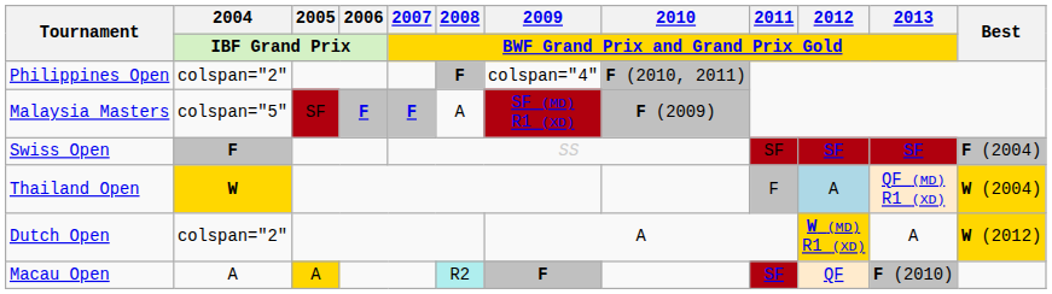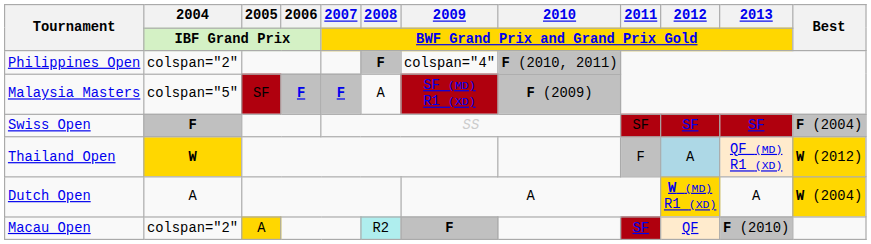 <table class="wikitable" style="font-size: 90%; text-align:center">
 <tr>
 <th rowspan="2">Tournament</th>
 <th>2004</th>
 <th>2005</th>
 <th>2006</th>
 <th><a href='#'>2007</a></th>
 <th><a href='#'>2008</a></th>
 <th><a href='#'>2009</a></th>
 <th><a href='#'>2010</a></th>
 <th><a href='#'>2011</a></th>
 <th><a href='#'>2012</a></th>
 <th><a href='#'>2013</a></th>
 <th rowspan="2">Best</th>
 </tr>
 <tr>
 <td colspan="3" align=center bgcolor=D4F1C5><strong>IBF Grand Prix</strong></td>
 <td colspan="7" align=center bgcolor=FFD700><strong><a href='#'>BWF Grand Prix and Grand Prix Gold</a></strong></td>
 </tr>
 <tr>
 <td align=left><a href='#'>Philippines Open</a></td>
 <td>colspan="2" </td>
 <td colspan="2"></td>
 <td></td>
 <td bgcolor=Silver><strong>F</strong></td>
 <td>colspan="4" </td>
 <td bgcolor=Silver><strong>F</strong> (2010, 2011)</td>
 </tr>
 <tr>
 <td align=left><a href='#'>Malaysia Masters</a></td>
 <td>colspan="5" </td>
 <td bgcolor=Bronze>SF</td>
 <td bgcolor=Silver><a href='#'><strong>F</strong></a></td>
 <td bgcolor=Silver><a href='#'><strong>F</strong></a></td>
 <td>A</td>
 <td bgcolor=Bronze><a href='#'>SF <small>(MD)</small></a><br> <a href='#'>R1 <small>(XD)</small></a></td>
 <td bgcolor=Silver><strong>F</strong> (2009)</td>
 </tr>
 <tr>
 <td align=left><a href='#'>Swiss Open</a></td>
 <td bgcolor=Silver><strong>F</strong></td>
 <td colspan="2"></td>
 <td colspan="4" style=color:#ccc><em>SS</em></td>
 <td bgcolor=Bronze>SF</td>
 <td bgcolor=Bronze><a href='#'>SF</a></td>
 <td bgcolor=Bronze><a href='#'>SF</a></td>
 <td bgcolor=Silver><strong>F</strong> (2004)</td>
 </tr>
 <tr>
 <td align=left><a href='#'>Thailand Open</a></td>
 <td bgcolor=Gold><strong>W</strong></td>
 <td colspan="5"></td>
 <td></td>
 <td bgcolor=Silver>F</td>
 <td style="background: lightblue;">A</td>
 <td bgcolor=FFEBCD><a href='#'>QF <small>(MD)</small></a><br> <a href='#'>R1 <small>(XD)</small></a></td>
-<td bgcolor=Gold><strong>W</strong> (2004)</td>
+<td bgcolor=Gold><strong>W</strong> (2012)</td>
 </tr>
 <tr>
 <td align=left><a href='#'>Dutch Open</a></td>
-<td>colspan="2" </td>
+<td>A</td>
 <td colspan="4"></td>
 <td colspan="3">A</td>
 <td bgcolor=Gold><a href='#'><strong>W</strong> <small>(MD)</small></a><br> <a href='#'>R1 <small>(XD)</small></a></td>
 <td>A</td>
-<td bgcolor=Gold><strong>W</strong> (2012)</td>
+<td bgcolor=Gold><strong>W</strong> (2004)</td>
 </tr>
 <tr>
 <td align=left><a href='#'>Macau Open</a></td>
-<td>A</td>
+<td>colspan="2" </td>
 <td style="background: gold;">A</td>
 <td colspan="2"></td>
 <td bgcolor=AFEEEE>R2</td>
 <td bgcolor=Silver><strong>F</strong></td>
 <td></td>
 <td bgcolor=Bronze><a href='#'>SF</a></td>
 <td bgcolor=FFEBCD><a href='#'>QF</a></td>
 <td bgcolor=Silver><strong>F</strong> (2010)</td>
 </tr>
 </table>
